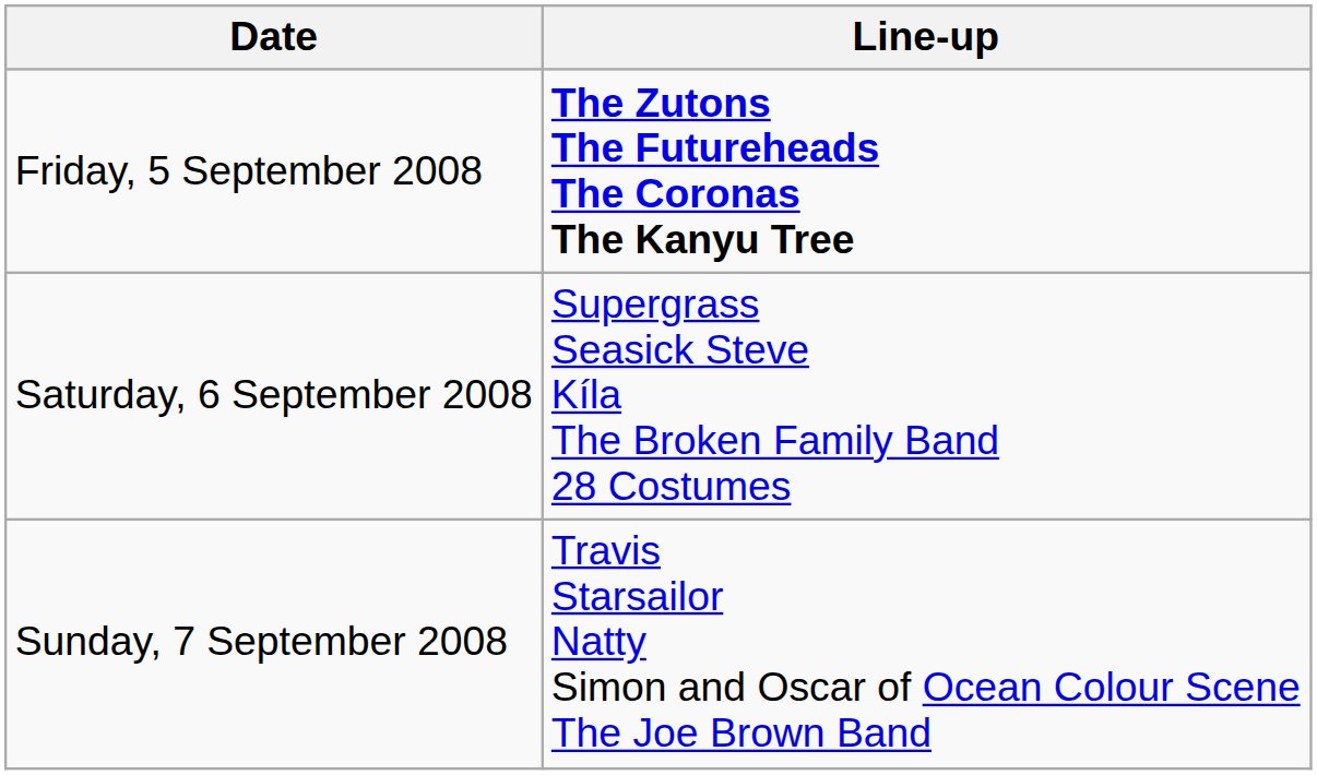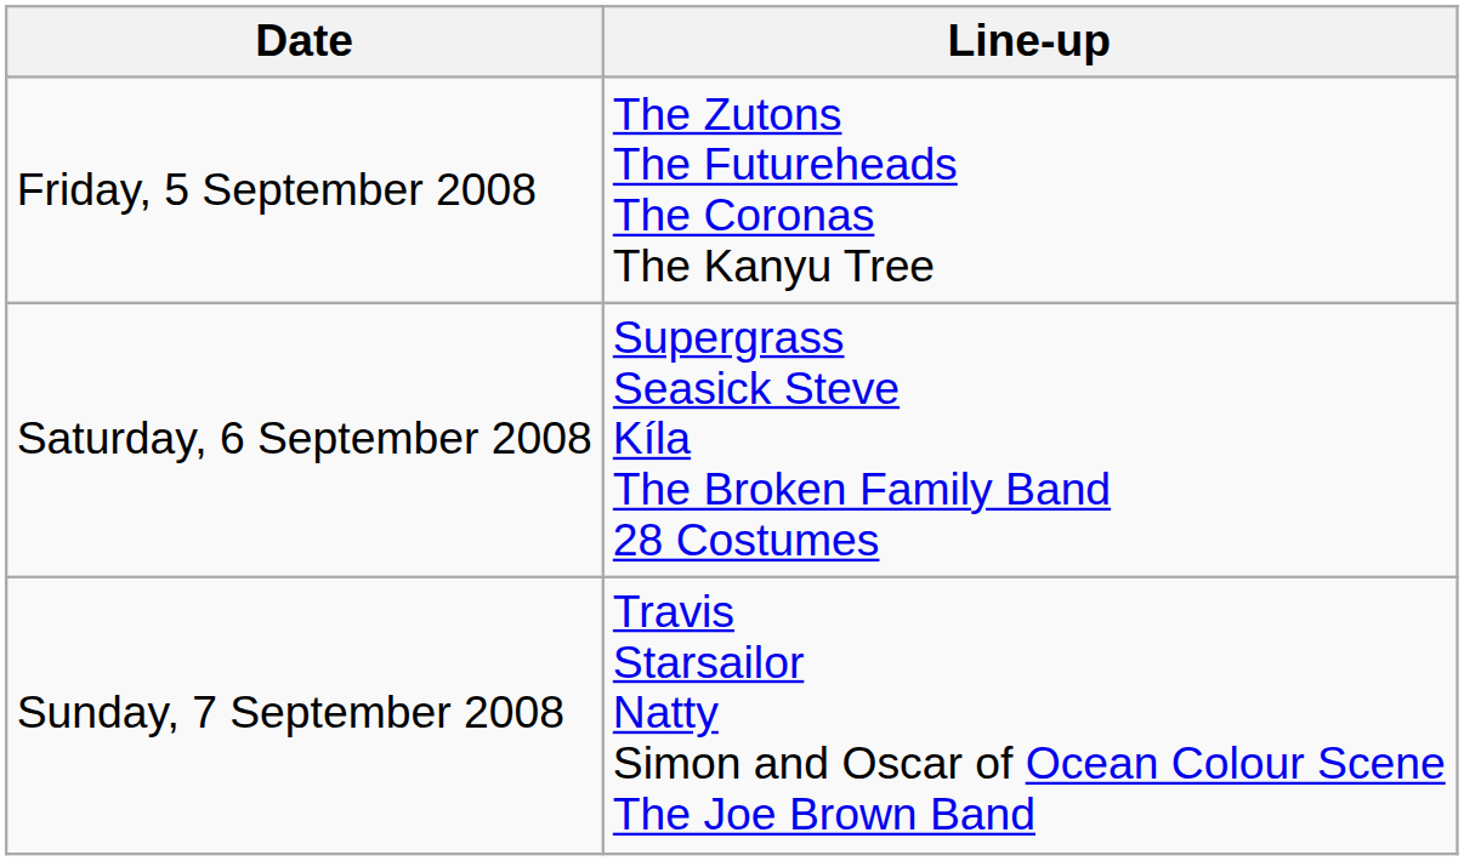 <table class="wikitable">
 <tr>
 <th>Date</th>
 <th>Line‑up</th>
 </tr>
 <tr>
 <td>Friday, 5 September 2008</td>
-<td><strong><a href='#'>The Zutons</a><br><a href='#'>The Futureheads</a><br><a href='#'>The Coronas</a><br>The Kanyu Tree</strong></td>
+<td><a href='#'>The Zutons</a><br><a href='#'>The Futureheads</a><br><a href='#'>The Coronas</a><br>The Kanyu Tree</td>
 </tr>
 <tr>
 <td>Saturday, 6 September 2008</td>
 <td><a href='#'>Supergrass</a><br><a href='#'>Seasick Steve</a><br><a href='#'>Kíla</a><br><a href='#'>The Broken Family Band</a><br><a href='#'>28 Costumes</a></td>
 </tr>
 <tr>
 <td>Sunday, 7 September 2008</td>
 <td><a href='#'>Travis</a><br><a href='#'>Starsailor</a><br><a href='#'>Natty</a><br>Simon and Oscar of <a href='#'>Ocean Colour Scene</a><br><a href='#'>The Joe Brown Band</a></td>
 </tr>
 </table>
